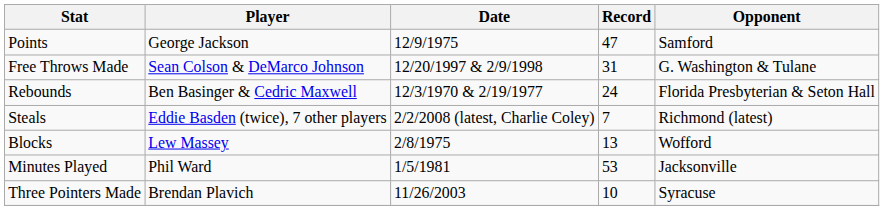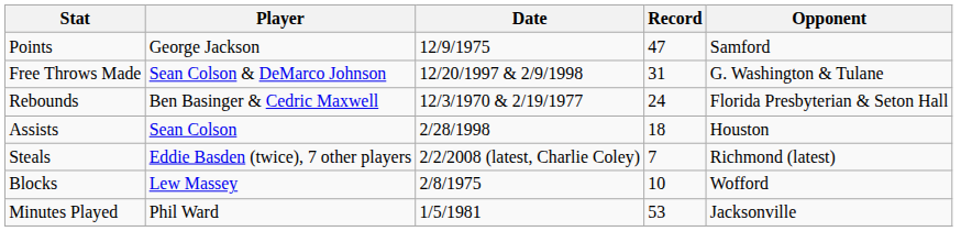 <table class="wikitable">
 <tr>
 <th>Stat</th>
 <th>Player</th>
 <th>Date</th>
 <th>Record</th>
 <th>Opponent</th>
 </tr>
 <tr>
 <td>Points</td>
 <td>George Jackson</td>
 <td>12/9/1975</td>
 <td>47</td>
 <td>Samford</td>
 </tr>
 <tr>
 <td>Free Throws Made</td>
 <td><a href='#'>Sean Colson</a> & <a href='#'>DeMarco Johnson</a></td>
 <td>12/20/1997 & 2/9/1998</td>
 <td>31</td>
 <td>G. Washington & Tulane</td>
 </tr>
 <tr>
 <td>Rebounds</td>
 <td>Ben Basinger & <a href='#'>Cedric Maxwell</a></td>
 <td>12/3/1970 & 2/19/1977</td>
 <td>24</td>
 <td>Florida Presbyterian & Seton Hall</td>
 </tr>
 <tr>
+<td>Assists</td>
+<td><a href='#'>Sean Colson</a></td>
+<td>2/28/1998</td>
+<td>18</td>
+<td>Houston</td>
+</tr>
+<tr>
 <td>Steals</td>
 <td><a href='#'>Eddie Basden</a> (twice), 7 other players</td>
 <td>2/2/2008 (latest, Charlie Coley)</td>
 <td>7</td>
 <td>Richmond (latest)</td>
 </tr>
 <tr>
 <td>Blocks</td>
 <td><a href='#'>Lew Massey</a></td>
 <td>2/8/1975</td>
-<td>13</td>
+<td>10</td>
 <td>Wofford</td>
 </tr>
 <tr>
 <td>Minutes Played</td>
 <td>Phil Ward</td>
 <td>1/5/1981</td>
 <td>53</td>
 <td>Jacksonville</td>
 </tr>
 <tr>
-<td>Three Pointers Made</td>
-<td>Brendan Plavich</td>
-<td>11/26/2003</td>
-<td>10</td>
-<td>Syracuse</td>
-</tr>
-<tr>
 </tr>
 </table>
